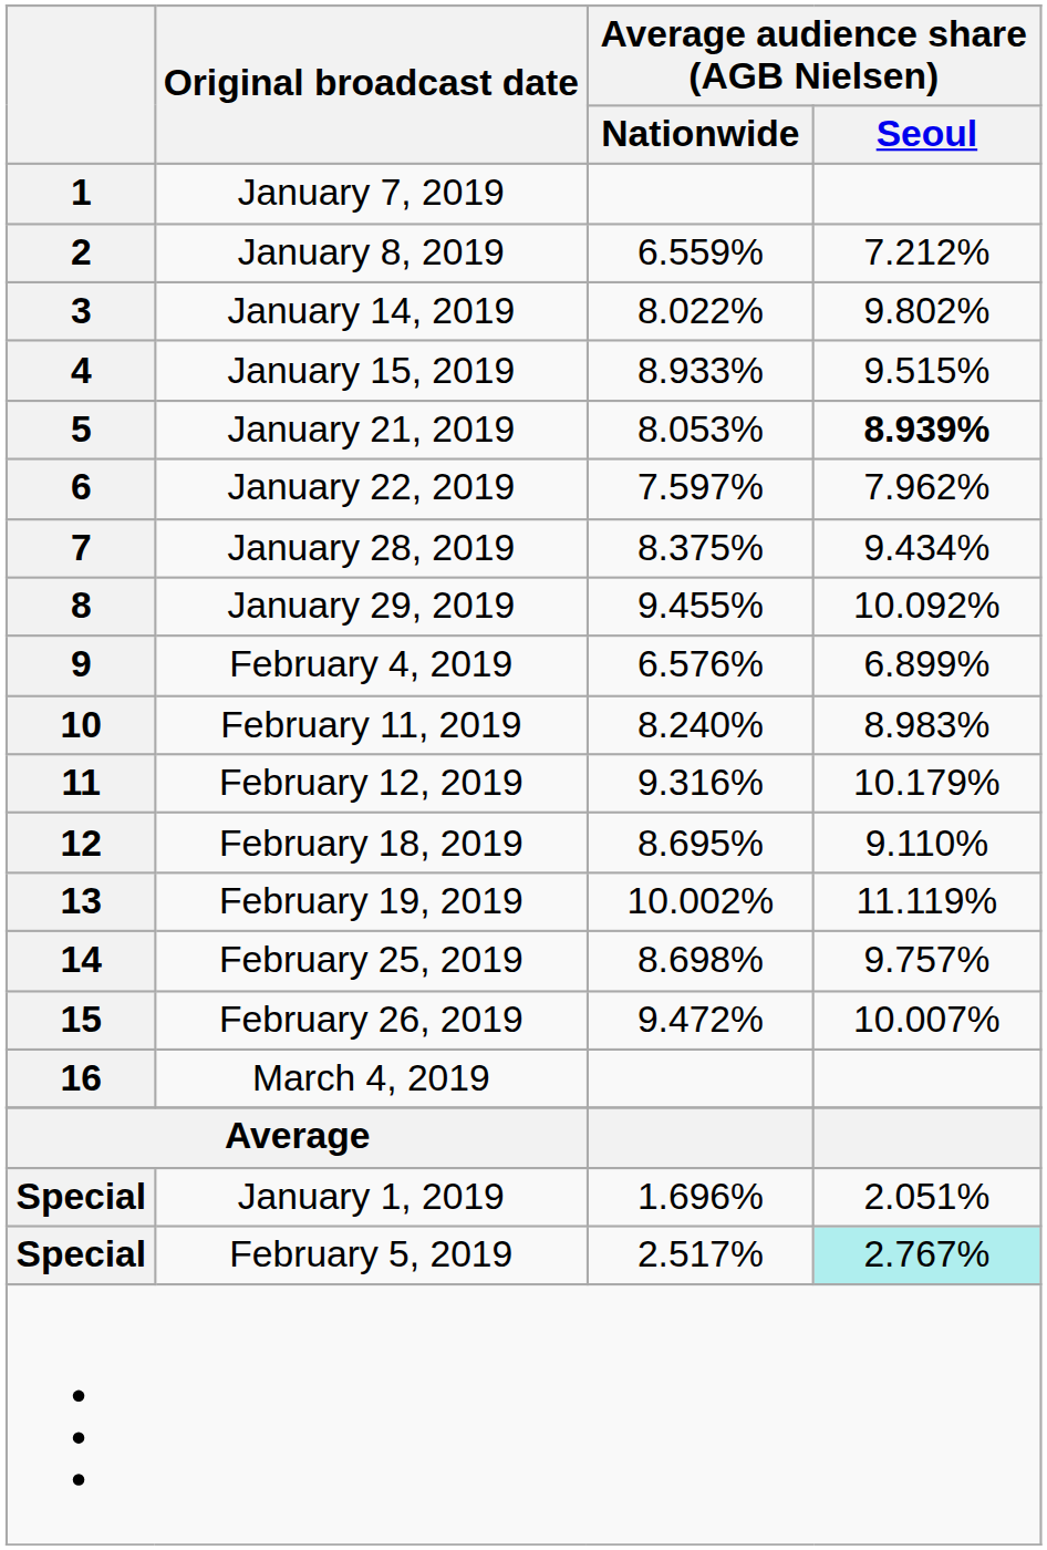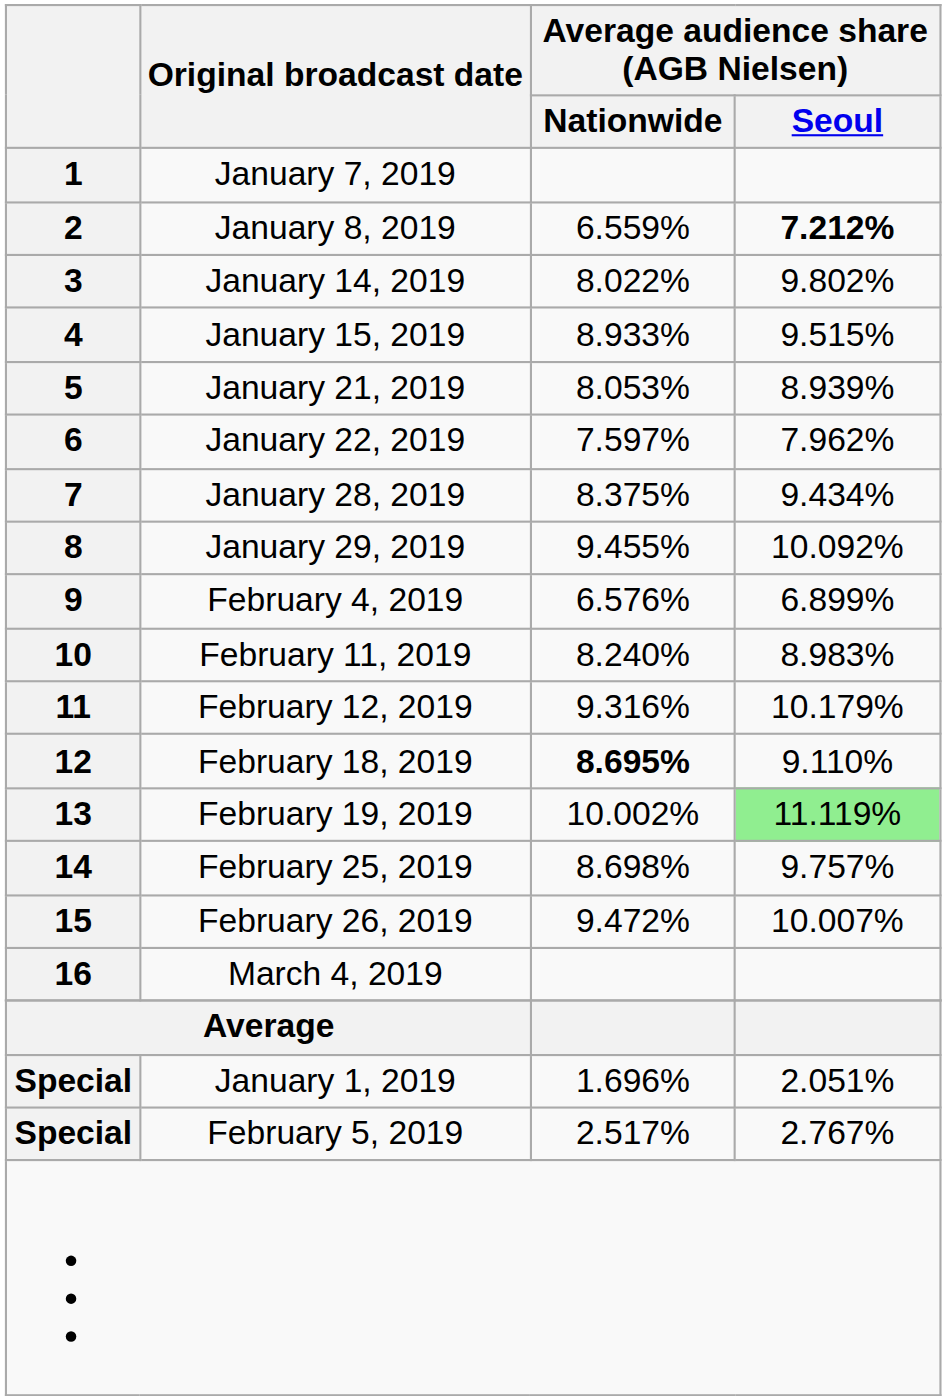 <table class="wikitable" style="text-align:center;max-width:450px; margin-left: auto; margin-right: auto; border: none;">
 <tr>
 </tr>
 <tr>
 <th rowspan="2"></th>
 <th rowspan="2">Original broadcast date</th>
 <th colspan="2">Average audience share<br>(AGB Nielsen)</th>
 </tr>
 <tr>
 <th width="90">Nationwide</th>
 <th width="90"><a href='#'>Seoul</a></th>
 </tr>
 <tr>
 <th>1</th>
 <td>January 7, 2019</td>
 <td></td>
 <td></td>
 </tr>
 <tr>
 <th>2</th>
 <td>January 8, 2019</td>
 <td>6.559%</td>
-<td>7.212%</td>
+<td><strong>7.212%</strong></td>
 </tr>
 <tr>
 <th>3</th>
 <td>January 14, 2019</td>
 <td>8.022%</td>
 <td>9.802%</td>
 </tr>
 <tr>
 <th>4</th>
 <td>January 15, 2019</td>
 <td>8.933%</td>
 <td>9.515%</td>
 </tr>
 <tr>
 <th>5</th>
 <td>January 21, 2019</td>
 <td>8.053%</td>
-<td><strong>8.939%</strong></td>
+<td>8.939%</td>
 </tr>
 <tr>
 <th>6</th>
 <td>January 22, 2019</td>
 <td>7.597%</td>
 <td>7.962%</td>
 </tr>
 <tr>
 <th>7</th>
 <td>January 28, 2019</td>
 <td>8.375%</td>
 <td>9.434%</td>
 </tr>
 <tr>
 <th>8</th>
 <td>January 29, 2019</td>
 <td>9.455%</td>
 <td>10.092%</td>
 </tr>
 <tr>
 <th>9</th>
 <td>February 4, 2019</td>
 <td>6.576%</td>
 <td>6.899%</td>
 </tr>
 <tr>
 <th>10</th>
 <td>February 11, 2019</td>
 <td>8.240%</td>
 <td>8.983%</td>
 </tr>
 <tr>
 <th>11</th>
 <td>February 12, 2019</td>
 <td>9.316%</td>
 <td>10.179%</td>
 </tr>
 <tr>
 <th>12</th>
 <td>February 18, 2019</td>
-<td>8.695%</td>
+<td><strong>8.695%</strong></td>
 <td>9.110%</td>
 </tr>
 <tr>
 <th>13</th>
 <td>February 19, 2019</td>
 <td>10.002%</td>
-<td>11.119%</td>
+<td style="background: lightgreen;">11.119%</td>
 </tr>
 <tr>
 <th>14</th>
 <td>February 25, 2019</td>
 <td>8.698%</td>
 <td>9.757%</td>
 </tr>
 <tr>
 <th>15</th>
 <td>February 26, 2019</td>
 <td>9.472%</td>
 <td>10.007%</td>
 </tr>
 <tr>
 <th>16</th>
 <td>March 4, 2019</td>
 <td></td>
 <td></td>
 </tr>
 <tr>
 </tr>
 <tr>
 <th colspan="2">Average</th>
 <th></th>
 <th></th>
 </tr>
 <tr>
 <th>Special</th>
 <td>January 1, 2019</td>
 <td>1.696%</td>
 <td>2.051%</td>
 </tr>
 <tr>
 <th>Special</th>
 <td>February 5, 2019</td>
 <td>2.517%</td>
-<td style="background: paleturquoise;">2.767%</td>
+<td>2.767%</td>
 </tr>
 <tr>
 <td colspan="6"><br><ul><li></li><li></li><li></li></ul></td>
 </tr>
 </table>
